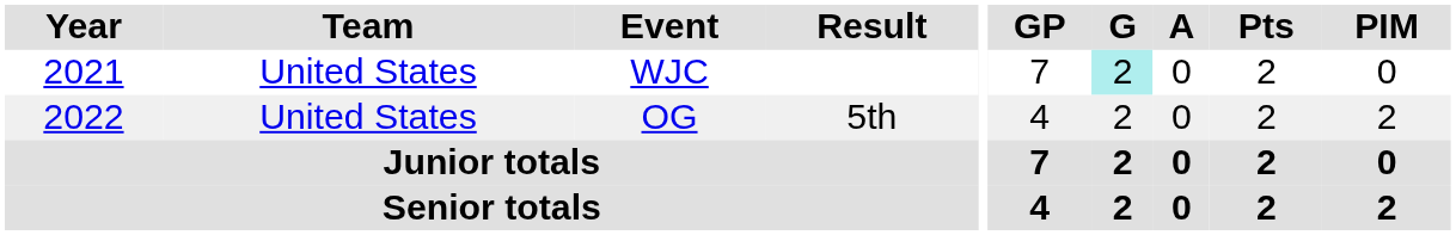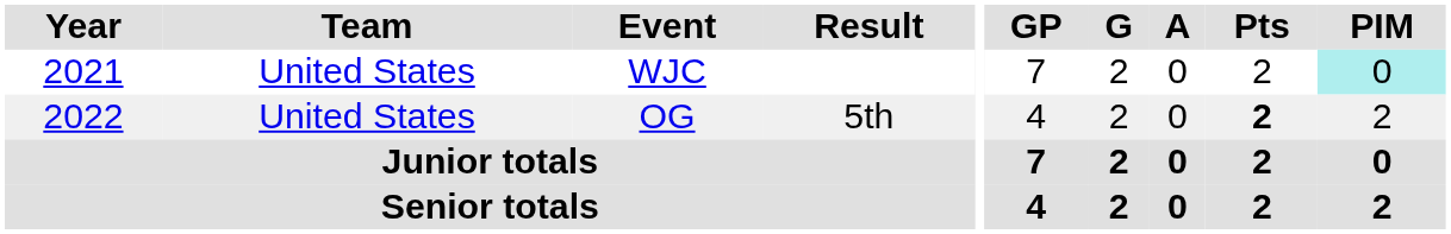 <table border="0" cellpadding="1" cellspacing="0" ID="Table3" style="text-align:center; width:40em">
 <tr bgcolor="#e0e0e0">
 <th>Year</th>
 <th>Team</th>
 <th>Event</th>
 <th>Result</th>
 <th rowspan="99" bgcolor="#ffffff"></th>
 <th>GP</th>
 <th>G</th>
 <th>A</th>
 <th>Pts</th>
 <th>PIM</th>
 </tr>
 <tr>
 <td><a href='#'>2021</a></td>
 <td><a href='#'>United States</a></td>
 <td><a href='#'>WJC</a></td>
 <td></td>
 <td>7</td>
-<td style="background: paleturquoise;">2</td>
+<td>2</td>
 <td>0</td>
 <td>2</td>
-<td>0</td>
+<td style="background: paleturquoise;">0</td>
 </tr>
 <tr bgcolor="#f0f0f0">
 <td><a href='#'>2022</a></td>
 <td><a href='#'>United States</a></td>
 <td><a href='#'>OG</a></td>
 <td>5th</td>
 <td>4</td>
 <td>2</td>
 <td>0</td>
-<td>2</td>
+<td><strong>2</strong></td>
 <td>2</td>
 </tr>
 <tr bgcolor="#e0e0e0">
 <th colspan="4">Junior totals</th>
 <th>7</th>
 <th>2</th>
 <th>0</th>
 <th>2</th>
 <th>0</th>
 </tr>
 <tr bgcolor="#e0e0e0">
 <th colspan="4">Senior totals</th>
 <th>4</th>
 <th>2</th>
 <th>0</th>
 <th>2</th>
 <th>2</th>
 </tr>
 </table>
